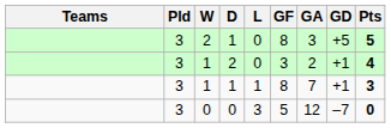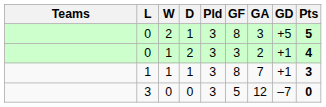 <table class="wikitable" style="text-align: center;">
 <tr>
 <th width=165>Teams</th>
-<th width=20>Pld</th>
+<th width=20>L</th>
 <th width=20>W</th>
 <th width=20>D</th>
-<th width=20>L</th>
+<th width=20>Pld</th>
 <th width=20>GF</th>
 <th width=20>GA</th>
 <th width=20>GD</th>
 <th width=20>Pts</th>
 </tr>
 <tr align=center style="background:#ccffcc;">
 <td style="text-align:left;"></td>
-<td>3</td>
+<td>0</td>
 <td>2</td>
 <td>1</td>
-<td>0</td>
+<td>3</td>
 <td>8</td>
 <td>3</td>
 <td>+5</td>
 <td><strong>5</strong></td>
 </tr>
 <tr align=center style="background:#ccffcc;">
 <td style="text-align:left;"></td>
-<td>3</td>
+<td>0</td>
 <td>1</td>
 <td>2</td>
-<td>0</td>
+<td>3</td>
 <td>3</td>
 <td>2</td>
 <td>+1</td>
 <td><strong>4</strong></td>
 </tr>
 <tr align=center>
 <td style="text-align:left;"></td>
-<td>3</td>
 <td>1</td>
 <td>1</td>
 <td>1</td>
+<td>3</td>
 <td>8</td>
 <td>7</td>
 <td>+1</td>
 <td><strong>3</strong></td>
 </tr>
 <tr align=center>
 <td style="text-align:left;"></td>
 <td>3</td>
 <td>0</td>
 <td>0</td>
 <td>3</td>
 <td>5</td>
 <td>12</td>
 <td>–7</td>
 <td><strong>0</strong></td>
 </tr>
 </table>
